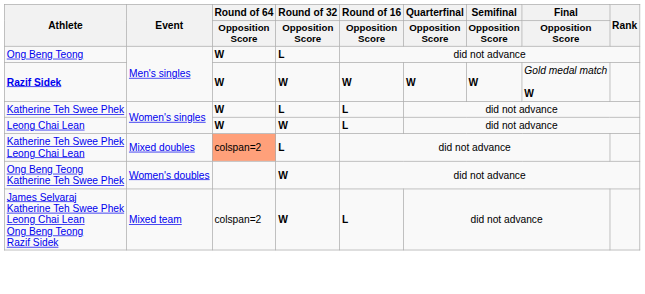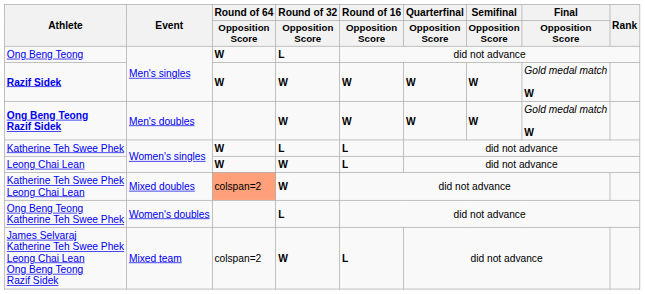 <table class="wikitable" style="font-size:90%">
 <tr>
 <th rowspan=2>Athlete</th>
 <th rowspan=2>Event</th>
 <th>Round of 64</th>
 <th>Round of 32</th>
 <th>Round of 16</th>
 <th>Quarterfinal</th>
 <th>Semifinal</th>
 <th>Final</th>
 <th rowspan=2>Rank</th>
 </tr>
 <tr style="font-size:95%">
 <th>Opposition<br>Score</th>
 <th>Opposition<br>Score</th>
 <th>Opposition<br>Score</th>
 <th>Opposition<br>Score</th>
 <th>Opposition<br>Score</th>
 <th>Opposition<br>Score</th>
 </tr>
 <tr>
 <td><a href='#'>Ong Beng Teong</a></td>
 <td rowspan=2><a href='#'>Men's singles</a></td>
 <td><strong>W</strong></td>
 <td><strong>L</strong></td>
 <td align=center colspan=5>did not advance</td>
 </tr>
 <tr>
 <td><strong><a href='#'>Razif Sidek</a></strong></td>
 <td><strong>W</strong></td>
 <td><strong>W</strong></td>
 <td><strong>W</strong></td>
 <td><strong>W</strong></td>
 <td><strong>W</strong></td>
 <td><em>Gold medal match</em><br><br><strong>W</strong></td>
 <td align=center></td>
 </tr>
 <tr>
+<td><strong><a href='#'>Ong Beng Teong</a><br><a href='#'>Razif Sidek</a></strong></td>
+<td><a href='#'>Men's doubles</a></td>
+<td></td>
+<td><strong>W</strong></td>
+<td><strong>W</strong></td>
+<td><strong>W</strong></td>
+<td><strong>W</strong></td>
+<td><em>Gold medal match</em><br><br><strong>W</strong></td>
+<td align=center></td>
+</tr>
+<tr>
 <td><a href='#'>Katherine Teh Swee Phek</a></td>
 <td rowspan=2><a href='#'>Women's singles</a></td>
 <td><strong>W</strong></td>
 <td><strong>L</strong></td>
 <td><strong>L</strong></td>
 <td align=center colspan=4>did not advance</td>
 </tr>
 <tr>
 <td><a href='#'>Leong Chai Lean</a></td>
 <td><strong>W</strong></td>
 <td><strong>W</strong></td>
 <td><strong>L</strong></td>
 <td align=center colspan=4>did not advance</td>
 </tr>
 <tr>
 <td><a href='#'>Katherine Teh Swee Phek</a><br><a href='#'>Leong Chai Lean</a></td>
 <td><a href='#'>Mixed doubles</a></td>
 <td style="background: lightsalmon;">colspan=2 </td>
-<td><strong>L</strong></td>
+<td><strong>W</strong></td>
 <td align=center colspan=4>did not advance</td>
 </tr>
 <tr>
 <td><a href='#'>Ong Beng Teong</a><br><a href='#'>Katherine Teh Swee Phek</a></td>
 <td><a href='#'>Women's doubles</a></td>
 <td></td>
-<td><strong>W</strong></td>
+<td><strong>L</strong></td>
 <td align=center colspan=5>did not advance</td>
 </tr>
 <tr>
 <td><a href='#'>James Selvaraj</a><br><a href='#'>Katherine Teh Swee Phek</a><br><a href='#'>Leong Chai Lean</a><br><a href='#'>Ong Beng Teong</a><br><a href='#'>Razif Sidek</a></td>
 <td rowspan=2><a href='#'>Mixed team</a></td>
 <td>colspan=2 </td>
 <td><strong>W</strong></td>
 <td><strong>L</strong></td>
 <td align=center colspan=3>did not advance</td>
 </tr>
 </table>
